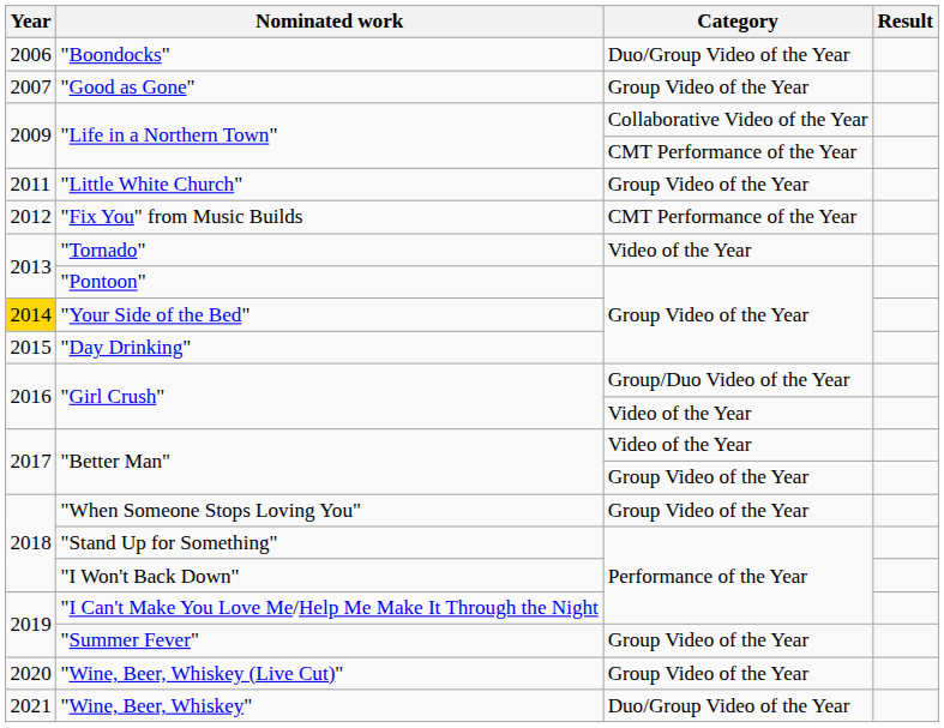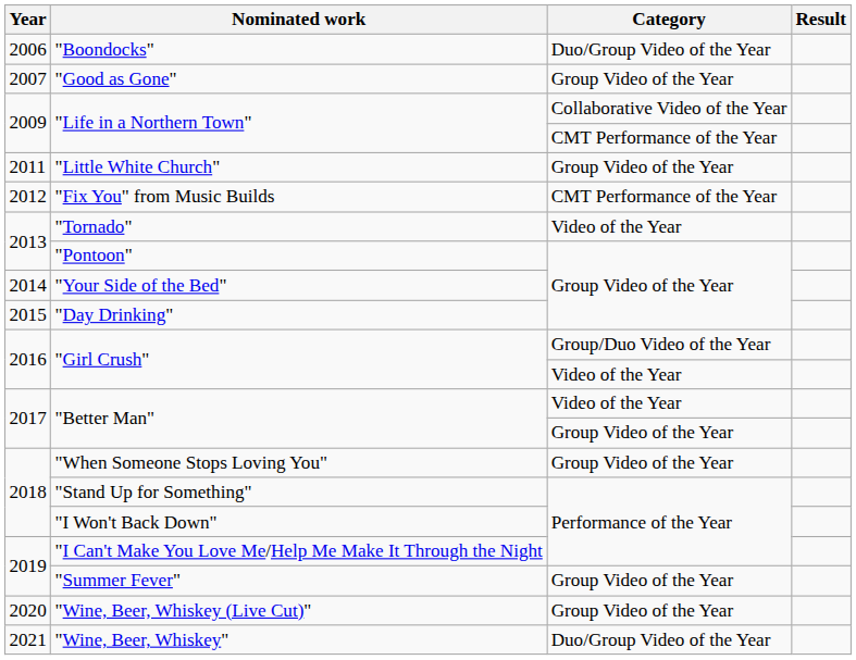 <table class="wikitable">
 <tr>
 <th>Year</th>
 <th>Nominated work</th>
 <th>Category</th>
 <th>Result</th>
 </tr>
 <tr>
 <td>2006</td>
 <td>"<a href='#'>Boondocks</a>"</td>
 <td>Duo/Group Video of the Year</td>
 <td></td>
 </tr>
 <tr>
 <td>2007</td>
 <td>"<a href='#'>Good as Gone</a>"</td>
 <td>Group Video of the Year</td>
 <td></td>
 </tr>
 <tr>
 <td rowspan="2">2009</td>
 <td rowspan="2">"<a href='#'>Life in a Northern Town</a>"</td>
 <td>Collaborative Video of the Year</td>
 <td></td>
 </tr>
 <tr>
 <td>CMT Performance of the Year</td>
 <td></td>
 </tr>
 <tr>
 <td>2011</td>
 <td>"<a href='#'>Little White Church</a>"</td>
 <td>Group Video of the Year</td>
 <td></td>
 </tr>
 <tr>
 <td>2012</td>
 <td>"<a href='#'>Fix You</a>" from Music Builds</td>
 <td>CMT Performance of the Year</td>
 <td></td>
 </tr>
 <tr>
 <td rowspan="2">2013</td>
 <td>"<a href='#'>Tornado</a>"</td>
 <td>Video of the Year</td>
 <td></td>
 </tr>
 <tr>
 <td>"<a href='#'>Pontoon</a>"</td>
 <td rowspan="3">Group Video of the Year</td>
 <td></td>
 </tr>
 <tr>
-<td style="background: gold;">2014</td>
+<td>2014</td>
 <td>"<a href='#'>Your Side of the Bed</a>"</td>
 <td></td>
 </tr>
 <tr>
 <td>2015</td>
 <td>"<a href='#'>Day Drinking</a>"</td>
 <td></td>
 </tr>
 <tr>
 <td rowspan="2">2016</td>
 <td rowspan="2">"<a href='#'>Girl Crush</a>"</td>
 <td>Group/Duo Video of the Year</td>
 <td></td>
 </tr>
 <tr>
 <td>Video of the Year</td>
 <td></td>
 </tr>
 <tr>
 <td rowspan=2>2017</td>
 <td rowspan=2>"Better Man"</td>
 <td>Video of the Year</td>
 <td></td>
 </tr>
 <tr>
 <td>Group Video of the Year</td>
 <td></td>
 </tr>
 <tr>
 <td rowspan="3">2018</td>
 <td>"When Someone Stops Loving You"</td>
 <td>Group Video of the Year</td>
 <td></td>
 </tr>
 <tr>
 <td>"Stand Up for Something"</td>
 <td rowspan=3>Performance of the Year</td>
 <td></td>
 </tr>
 <tr>
 <td>"I Won't Back Down"</td>
 <td></td>
 </tr>
 <tr>
 <td rowspan=2>2019</td>
 <td>"<a href='#'>I Can't Make You Love Me</a>/<a href='#'>Help Me Make It Through the Night</a></td>
 <td></td>
 </tr>
 <tr>
 <td>"<a href='#'>Summer Fever</a>"</td>
 <td>Group Video of the Year</td>
 <td></td>
 </tr>
 <tr>
 <td>2020</td>
 <td>"<a href='#'>Wine, Beer, Whiskey (Live Cut)</a>"</td>
 <td>Group Video of the Year</td>
 <td></td>
 </tr>
 <tr>
 <td>2021</td>
 <td>"<a href='#'>Wine, Beer, Whiskey</a>"</td>
 <td>Duo/Group Video of the Year</td>
 <td></td>
 </tr>
 </table>
